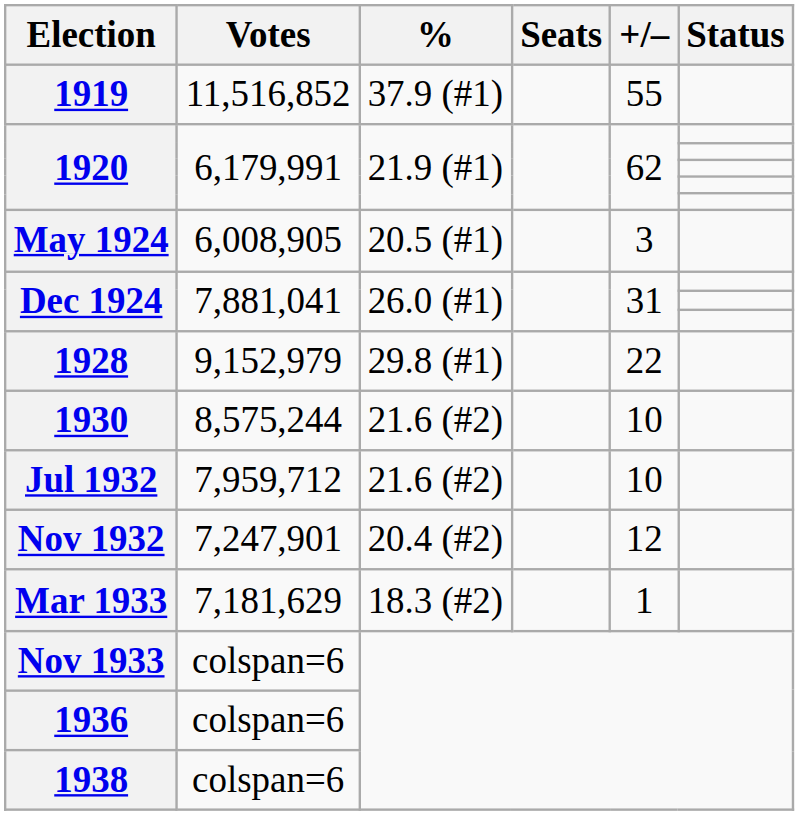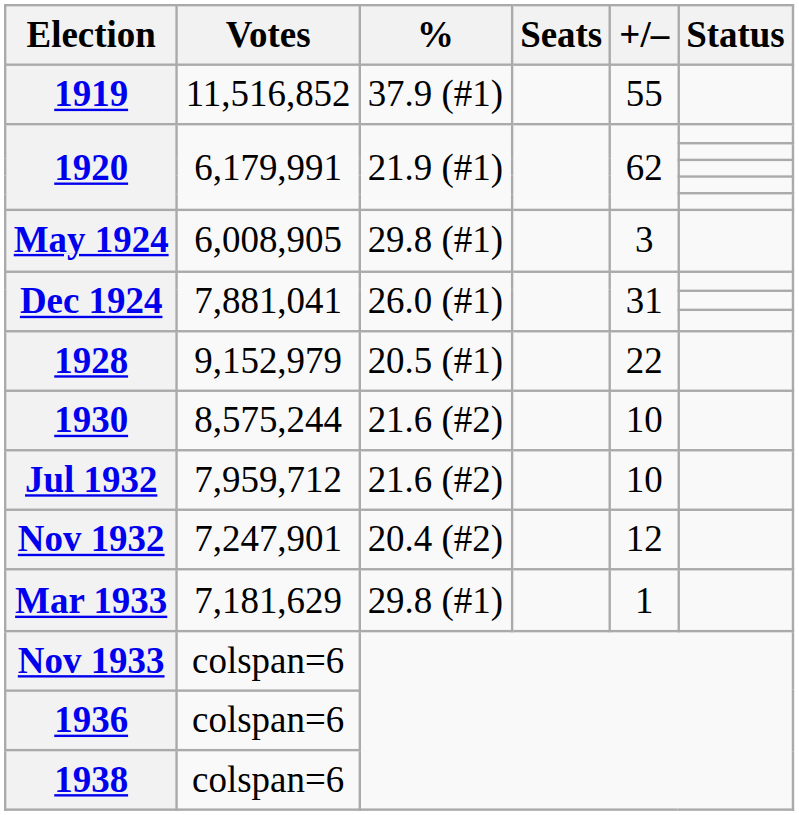 <table class="wikitable" style="font-size:97%; text-align:center;">
 <tr>
 <th>Election</th>
 <th>Votes</th>
 <th>%</th>
 <th>Seats</th>
 <th>+/–</th>
 <th>Status</th>
 </tr>
 <tr>
 <th><a href='#'>1919</a></th>
 <td>11,516,852</td>
 <td>37.9 (#1)</td>
 <td></td>
 <td> 55</td>
 <td></td>
 </tr>
 <tr>
 <th rowspan=5><a href='#'>1920</a></th>
 <td rowspan=5>6,179,991</td>
 <td rowspan=5>21.9 (#1)</td>
 <td rowspan=5></td>
 <td rowspan=5> 62</td>
 <td></td>
 </tr>
 <tr>
 <td></td>
 </tr>
 <tr>
 <td></td>
 </tr>
 <tr>
 <td></td>
 </tr>
 <tr>
 <td></td>
 </tr>
 <tr>
 <th><a href='#'>May 1924</a></th>
 <td>6,008,905</td>
-<td>20.5 (#1)</td>
+<td>29.8 (#1)</td>
 <td></td>
 <td> 3</td>
 <td></td>
 </tr>
 <tr>
 <th rowspan=3><a href='#'>Dec 1924</a></th>
 <td rowspan=3>7,881,041</td>
 <td rowspan=3>26.0 (#1)</td>
 <td rowspan=3></td>
 <td rowspan=3> 31</td>
 <td></td>
 </tr>
 <tr>
 <td></td>
 </tr>
 <tr>
 <td></td>
 </tr>
 <tr>
 <th><a href='#'>1928</a></th>
 <td>9,152,979</td>
-<td>29.8 (#1)</td>
+<td>20.5 (#1)</td>
 <td></td>
 <td> 22</td>
 <td></td>
 </tr>
 <tr>
 <th><a href='#'>1930</a></th>
 <td>8,575,244</td>
 <td>21.6 (#2)</td>
 <td></td>
 <td> 10</td>
 <td></td>
 </tr>
 <tr>
 <th><a href='#'>Jul 1932</a></th>
 <td>7,959,712</td>
 <td>21.6 (#2)</td>
 <td></td>
 <td> 10</td>
 <td></td>
 </tr>
 <tr>
 <th><a href='#'>Nov 1932</a></th>
 <td>7,247,901</td>
 <td>20.4 (#2)</td>
 <td></td>
 <td> 12</td>
 <td></td>
 </tr>
 <tr>
 <th><a href='#'>Mar 1933</a></th>
 <td>7,181,629</td>
-<td>18.3 (#2)</td>
+<td>29.8 (#1)</td>
 <td></td>
 <td> 1</td>
 <td></td>
 </tr>
 <tr>
 <th><a href='#'>Nov 1933</a></th>
 <td>colspan=6</td>
 </tr>
 <tr>
 <th><a href='#'>1936</a></th>
 <td>colspan=6</td>
 </tr>
 <tr>
 <th><a href='#'>1938</a></th>
 <td>colspan=6</td>
 </tr>
 </table>
